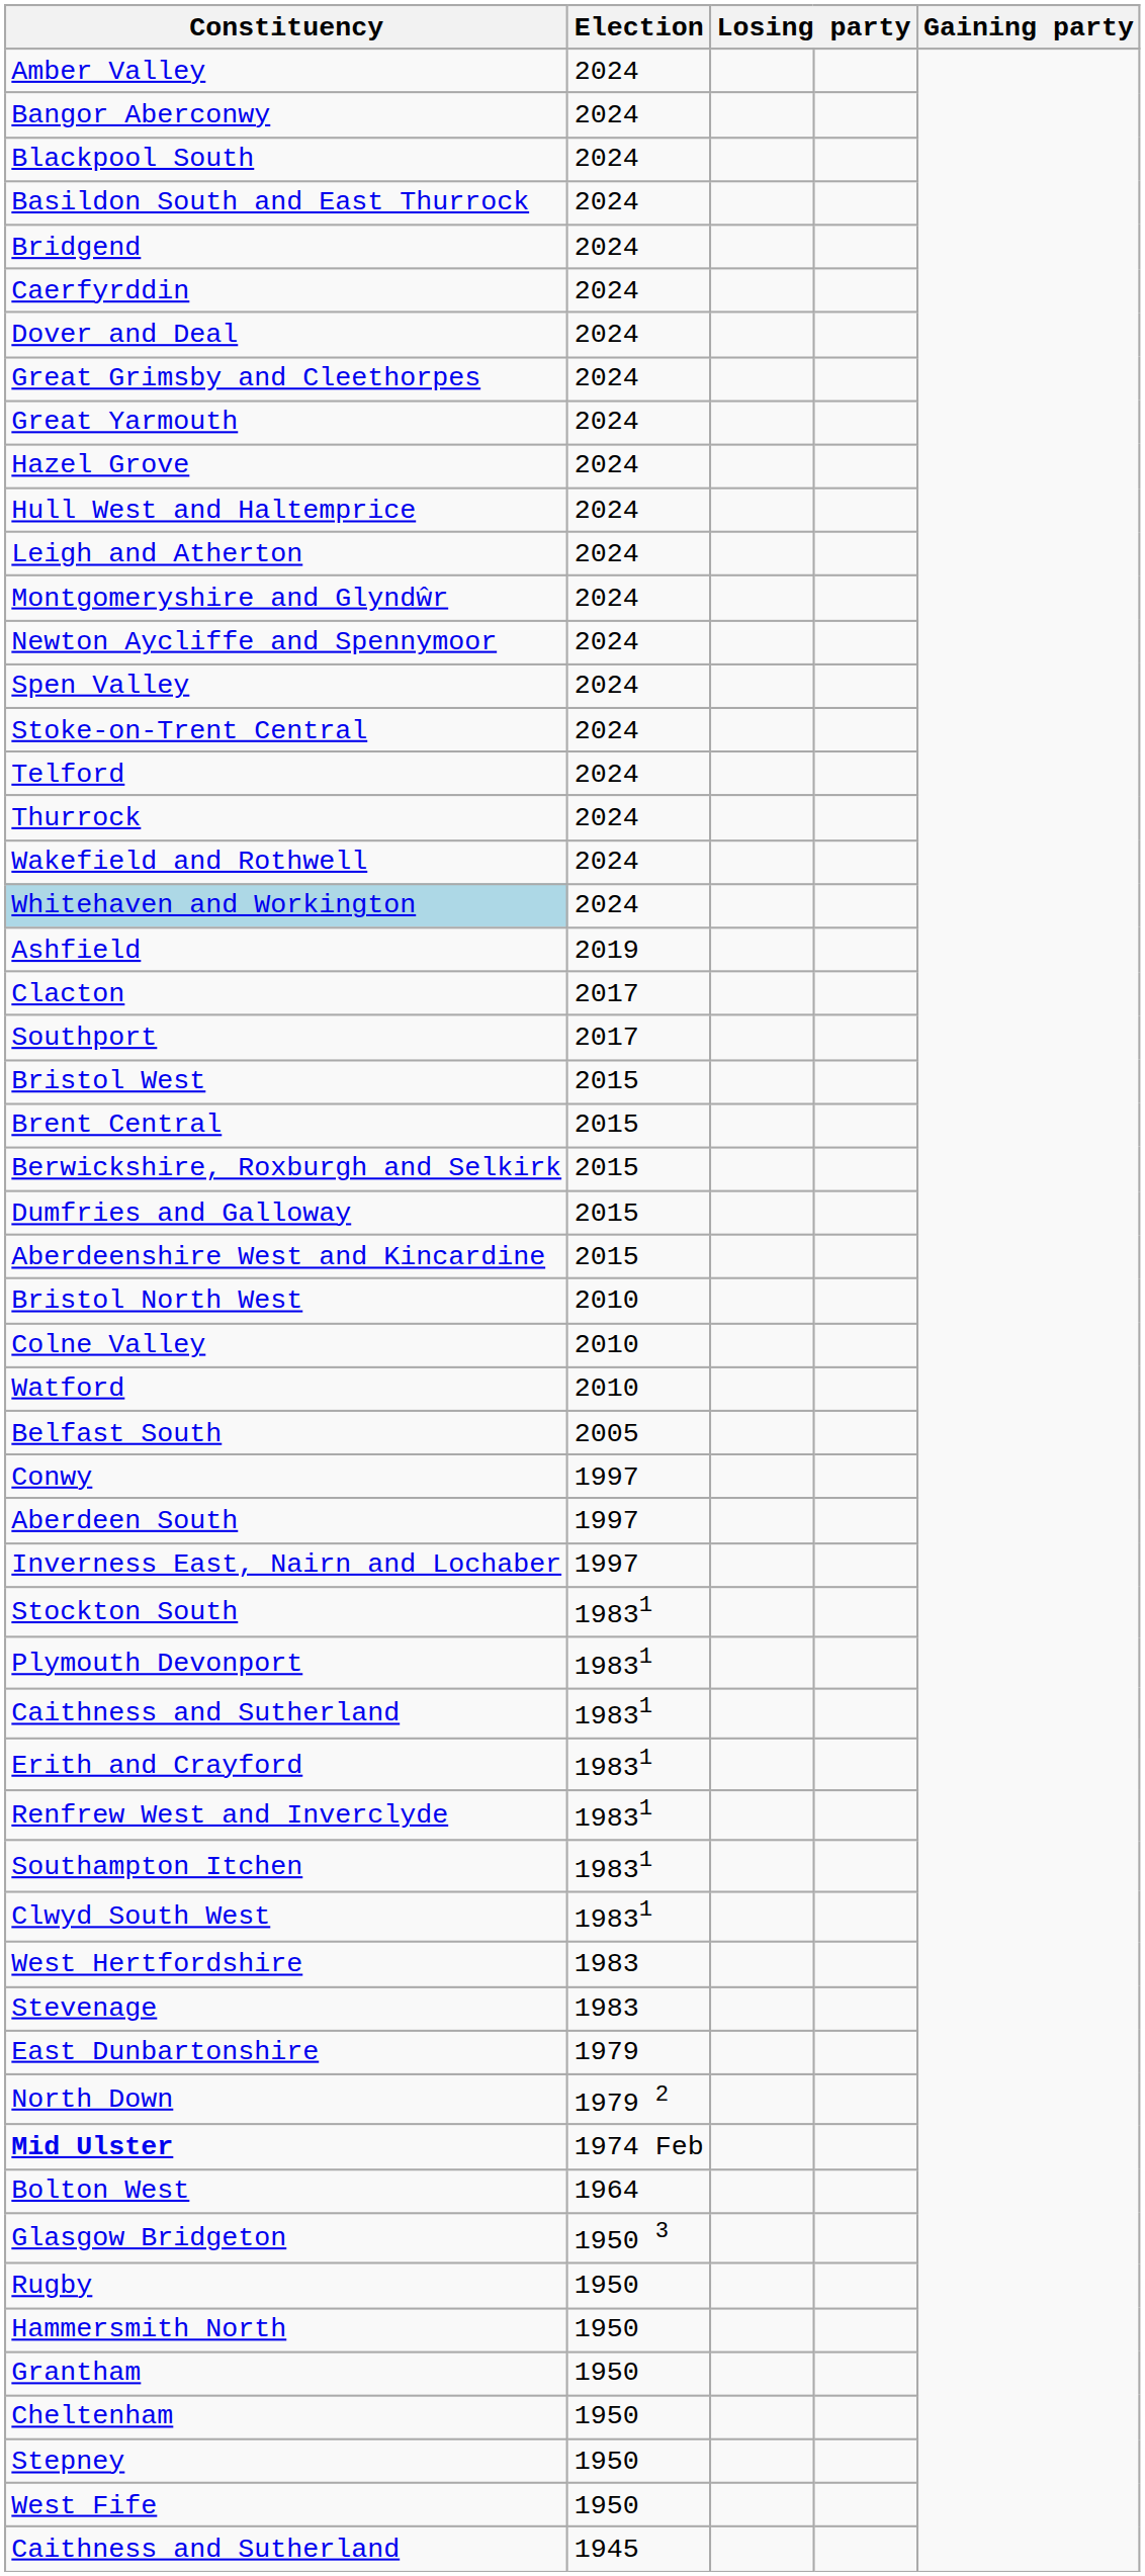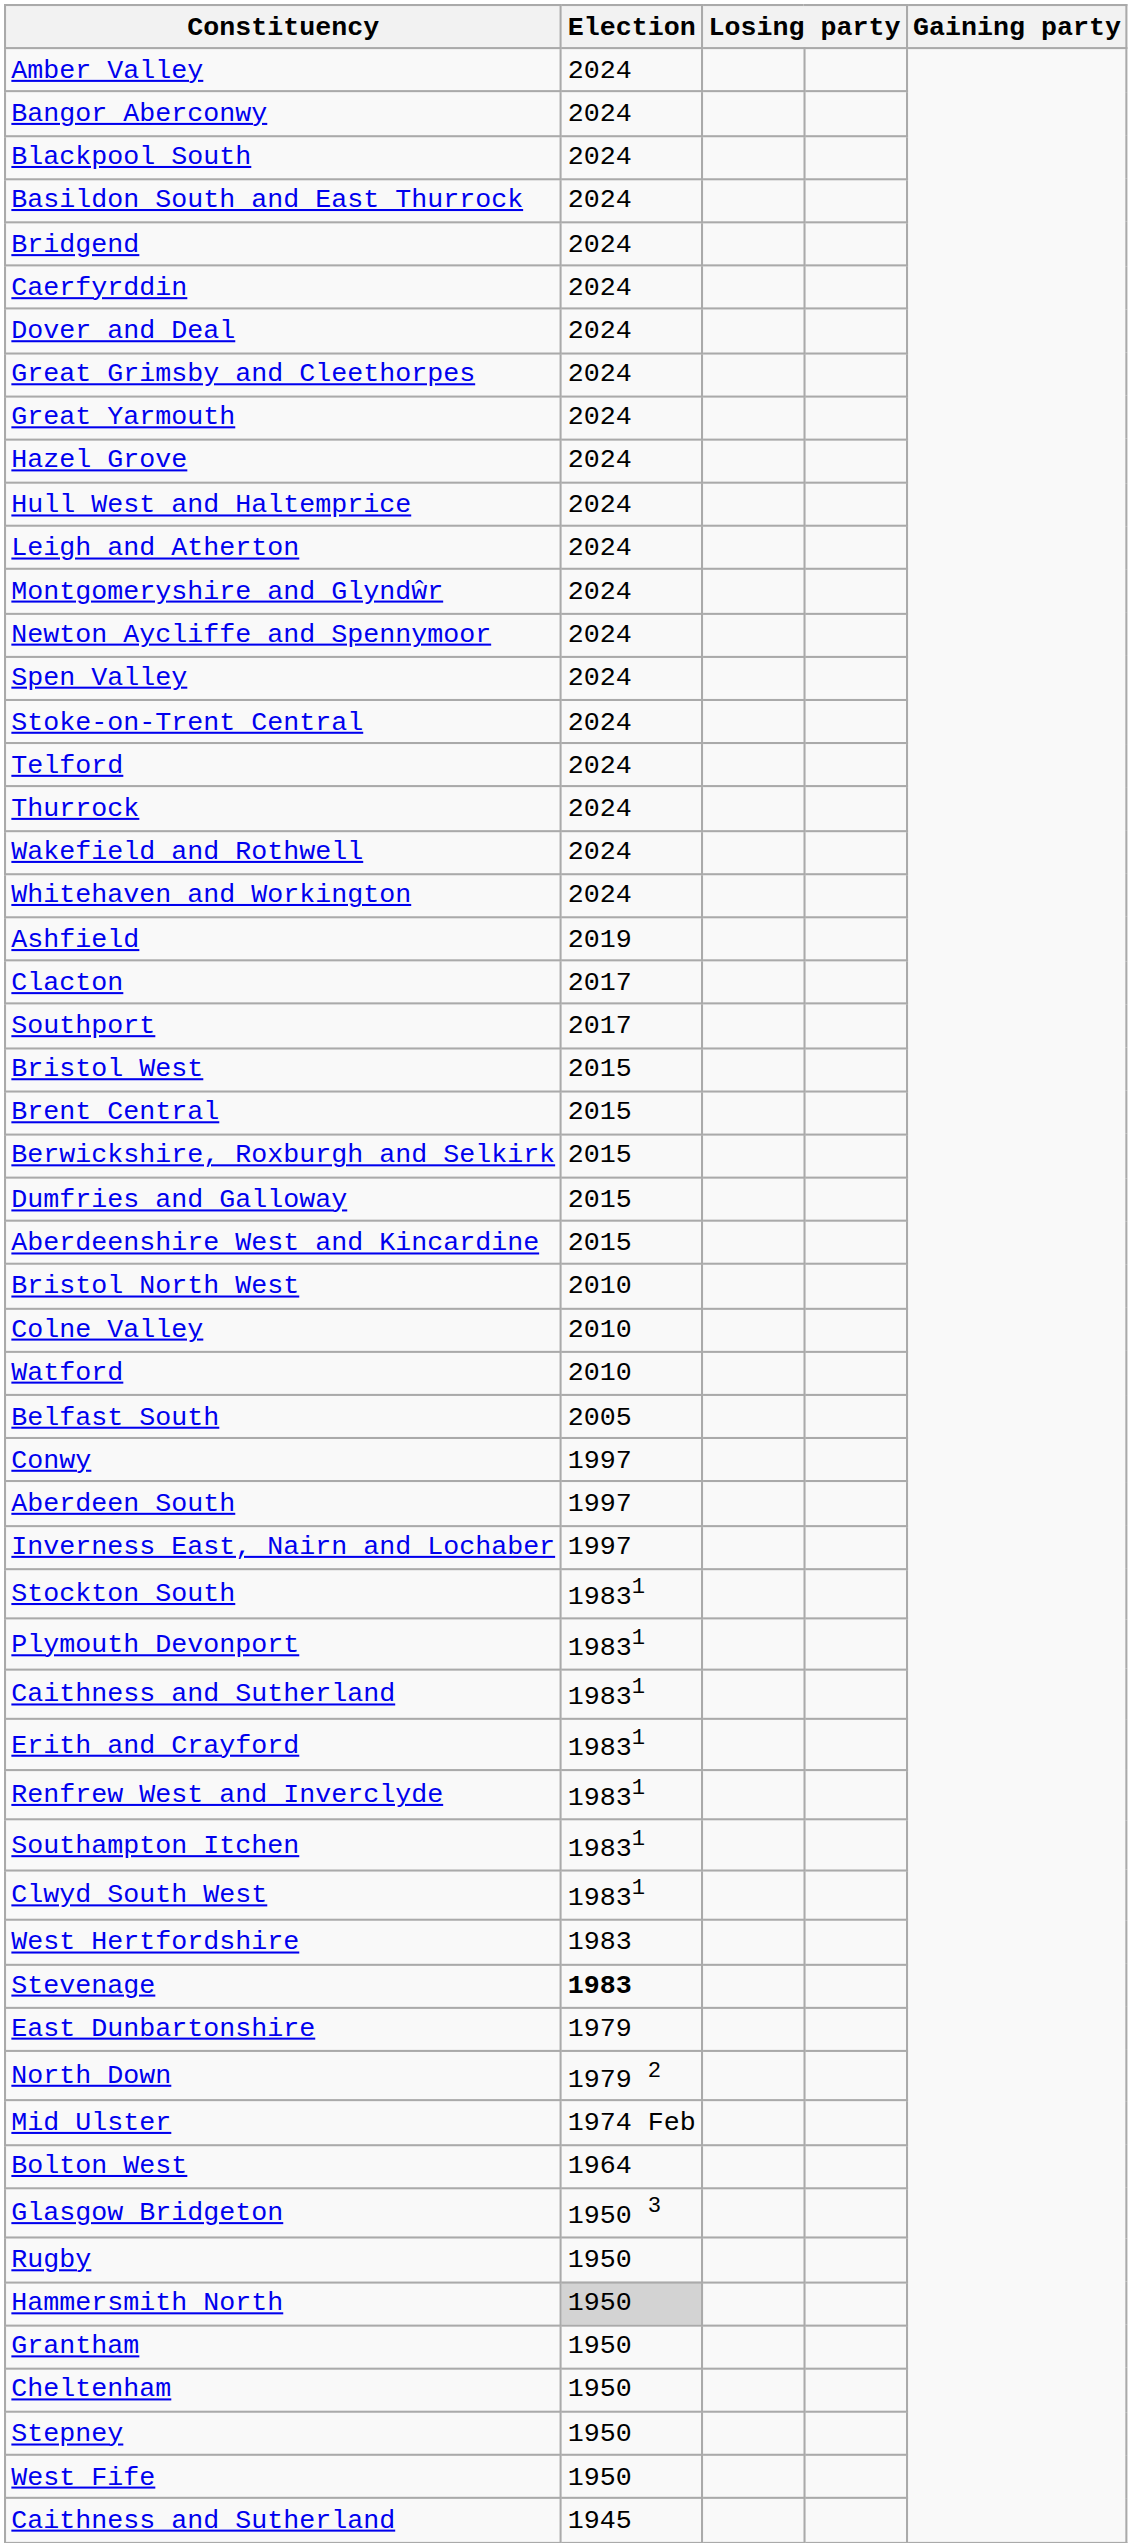 <table class="wikitable sortable">
 <tr>
 <th>Constituency</th>
 <th>Election</th>
 <th colspan=2>Losing party</th>
 <th colspan=2>Gaining party</th>
 </tr>
 <tr>
 <td><a href='#'>Amber Valley</a></td>
 <td>2024</td>
 <td></td>
 <td></td>
 </tr>
 <tr>
 <td><a href='#'>Bangor Aberconwy</a></td>
 <td>2024</td>
 <td></td>
 <td></td>
 </tr>
 <tr>
 <td><a href='#'>Blackpool South</a></td>
 <td>2024</td>
 <td></td>
 <td></td>
 </tr>
 <tr>
 <td><a href='#'>Basildon South and East Thurrock</a></td>
 <td>2024</td>
 <td></td>
 <td></td>
 </tr>
 <tr>
 <td><a href='#'>Bridgend</a></td>
 <td>2024</td>
 <td></td>
 <td></td>
 </tr>
 <tr>
 <td><a href='#'>Caerfyrddin</a></td>
 <td>2024</td>
 <td></td>
 <td></td>
 </tr>
 <tr>
 <td><a href='#'>Dover and Deal</a></td>
 <td>2024</td>
 <td></td>
 <td></td>
 </tr>
 <tr>
 <td><a href='#'>Great Grimsby and Cleethorpes</a></td>
 <td>2024</td>
 <td></td>
 <td></td>
 </tr>
 <tr>
 <td><a href='#'>Great Yarmouth</a></td>
 <td>2024</td>
 <td></td>
 <td></td>
 </tr>
 <tr>
 <td><a href='#'>Hazel Grove</a></td>
 <td>2024</td>
 <td></td>
 <td></td>
 </tr>
 <tr>
 <td><a href='#'>Hull West and Haltemprice</a></td>
 <td>2024</td>
 <td></td>
 <td></td>
 </tr>
 <tr>
 <td><a href='#'>Leigh and Atherton</a></td>
 <td>2024</td>
 <td></td>
 <td></td>
 </tr>
 <tr>
 <td><a href='#'>Montgomeryshire and Glyndŵr</a></td>
 <td>2024</td>
 <td></td>
 <td></td>
 </tr>
 <tr>
 <td><a href='#'>Newton Aycliffe and Spennymoor</a></td>
 <td>2024</td>
 <td></td>
 <td></td>
 </tr>
 <tr>
 <td><a href='#'>Spen Valley</a></td>
 <td>2024</td>
 <td></td>
 <td></td>
 </tr>
 <tr>
 <td><a href='#'>Stoke-on-Trent Central</a></td>
 <td>2024</td>
 <td></td>
 <td></td>
 </tr>
 <tr>
 <td><a href='#'>Telford</a></td>
 <td>2024</td>
 <td></td>
 <td></td>
 </tr>
 <tr>
 <td><a href='#'>Thurrock</a></td>
 <td>2024</td>
 <td></td>
 <td></td>
 </tr>
 <tr>
 <td><a href='#'>Wakefield and Rothwell</a></td>
 <td>2024</td>
 <td></td>
 <td></td>
 </tr>
 <tr>
-<td style="background: lightblue;"><a href='#'>Whitehaven and Workington</a></td>
+<td><a href='#'>Whitehaven and Workington</a></td>
 <td>2024</td>
 <td></td>
 <td></td>
 </tr>
 <tr>
 <td><a href='#'>Ashfield</a></td>
 <td>2019</td>
 <td></td>
 <td></td>
 </tr>
 <tr>
 <td><a href='#'>Clacton</a></td>
 <td>2017</td>
 <td></td>
 <td></td>
 </tr>
 <tr>
 <td><a href='#'>Southport</a></td>
 <td>2017</td>
 <td></td>
 <td></td>
 </tr>
 <tr>
 <td><a href='#'>Bristol West</a></td>
 <td>2015</td>
 <td></td>
 <td></td>
 </tr>
 <tr>
 <td><a href='#'>Brent Central</a></td>
 <td>2015</td>
 <td></td>
 <td></td>
 </tr>
 <tr>
 <td><a href='#'>Berwickshire, Roxburgh and Selkirk</a></td>
 <td>2015</td>
 <td></td>
 <td></td>
 </tr>
 <tr>
 <td><a href='#'>Dumfries and Galloway</a></td>
 <td>2015</td>
 <td></td>
 <td></td>
 </tr>
 <tr>
 <td><a href='#'>Aberdeenshire West and Kincardine</a></td>
 <td>2015</td>
 <td></td>
 <td></td>
 </tr>
 <tr>
 <td><a href='#'>Bristol North West</a></td>
 <td>2010</td>
 <td></td>
 <td></td>
 </tr>
 <tr>
 <td><a href='#'>Colne Valley</a></td>
 <td>2010</td>
 <td></td>
 <td></td>
 </tr>
 <tr>
 <td><a href='#'>Watford</a></td>
 <td>2010</td>
 <td></td>
 <td></td>
 </tr>
 <tr>
 <td><a href='#'>Belfast South</a></td>
 <td>2005</td>
 <td></td>
 <td></td>
 </tr>
 <tr>
 <td><a href='#'>Conwy</a></td>
 <td>1997</td>
 <td></td>
 <td></td>
 </tr>
 <tr>
 <td><a href='#'>Aberdeen South</a></td>
 <td>1997</td>
 <td></td>
 <td></td>
 </tr>
 <tr>
 <td><a href='#'>Inverness East, Nairn and Lochaber</a></td>
 <td>1997</td>
 <td></td>
 <td></td>
 </tr>
 <tr>
 <td><a href='#'>Stockton South</a></td>
 <td>1983<sup>1</sup></td>
 <td></td>
 <td></td>
 </tr>
 <tr>
 <td><a href='#'>Plymouth Devonport</a></td>
 <td>1983<sup>1</sup></td>
 <td></td>
 <td></td>
 </tr>
 <tr>
 <td><a href='#'>Caithness and Sutherland</a></td>
 <td>1983<sup>1</sup></td>
 <td></td>
 <td></td>
 </tr>
 <tr>
 <td><a href='#'>Erith and Crayford</a></td>
 <td>1983<sup>1</sup></td>
 <td></td>
 <td></td>
 </tr>
 <tr>
 <td><a href='#'>Renfrew West and Inverclyde</a></td>
 <td>1983<sup>1</sup></td>
 <td></td>
 <td></td>
 </tr>
 <tr>
 <td><a href='#'>Southampton Itchen</a></td>
 <td>1983<sup>1</sup></td>
 <td></td>
 <td></td>
 </tr>
 <tr>
 <td><a href='#'>Clwyd South West</a></td>
 <td>1983<sup>1</sup></td>
 <td></td>
 <td></td>
 </tr>
 <tr>
 <td><a href='#'>West Hertfordshire</a></td>
 <td>1983</td>
 <td></td>
 <td></td>
 </tr>
 <tr>
 <td><a href='#'>Stevenage</a></td>
-<td>1983</td>
+<td><strong>1983</strong></td>
 <td></td>
 <td></td>
 </tr>
 <tr>
 <td><a href='#'>East Dunbartonshire</a></td>
 <td>1979</td>
 <td></td>
 <td></td>
 </tr>
 <tr>
 <td><a href='#'>North Down</a></td>
 <td>1979 <sup>2</sup></td>
 <td></td>
 <td></td>
 </tr>
 <tr>
-<td><strong><a href='#'>Mid Ulster</a></strong></td>
+<td><a href='#'>Mid Ulster</a></td>
 <td>1974 Feb</td>
 <td></td>
 <td></td>
 </tr>
 <tr>
 <td><a href='#'>Bolton West</a></td>
 <td>1964</td>
 <td></td>
 <td></td>
 </tr>
 <tr>
 <td><a href='#'>Glasgow Bridgeton</a></td>
 <td>1950 <sup>3</sup></td>
 <td></td>
 <td></td>
 </tr>
 <tr>
 <td><a href='#'>Rugby</a></td>
 <td>1950</td>
 <td></td>
 <td></td>
 </tr>
 <tr>
 <td><a href='#'>Hammersmith North</a></td>
-<td>1950</td>
+<td style="background: lightgrey;">1950</td>
 <td></td>
 <td></td>
 </tr>
 <tr>
 <td><a href='#'>Grantham</a></td>
 <td>1950</td>
 <td></td>
 <td></td>
 </tr>
 <tr>
 <td><a href='#'>Cheltenham</a></td>
 <td>1950</td>
 <td></td>
 <td></td>
 </tr>
 <tr>
 <td><a href='#'>Stepney</a></td>
 <td>1950</td>
 <td></td>
 <td></td>
 </tr>
 <tr>
 <td><a href='#'>West Fife</a></td>
 <td>1950</td>
 <td></td>
 <td></td>
 </tr>
 <tr>
 <td><a href='#'>Caithness and Sutherland</a></td>
 <td>1945</td>
 <td></td>
 <td></td>
 </tr>
 </table>
